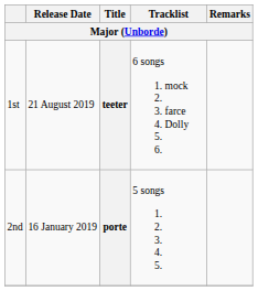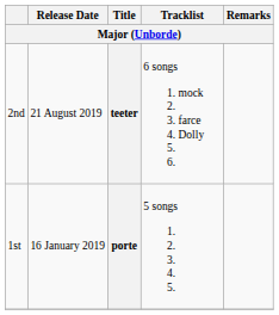 <table class="wikitable" style=font-size:small>
 <tr>
 <th> </th>
 <th>Release Date</th>
 <th>Title</th>
 <th style="width:31%">Tracklist</th>
 <th>Remarks</th>
 </tr>
 <tr>
 <th style="font-size:small;" colspan="6">Major (<a href='#'>Unborde</a>)</th>
 </tr>
 <tr>
-<td>1st</td>
+<td>2nd</td>
 <td>21 August 2019</td>
 <th>teeter</th>
 <td><br>6 songs<ol><li>mock</li><li></li><li>farce</li><li>Dolly</li><li></li><li></li></ol></td>
 <td></td>
 </tr>
 <tr>
-<td>2nd</td>
+<td>1st</td>
 <td>16 January 2019</td>
 <th>porte</th>
 <td><br>5 songs<ol><li></li><li></li><li></li><li></li><li></li></ol></td>
 <td></td>
 </tr>
 <tr>
 </tr>
 </table>
